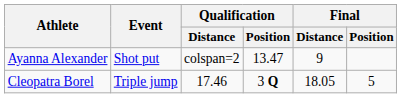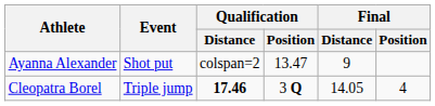 <table class=wikitable style="font-size:90%">
 <tr>
 <th rowspan=2>Athlete</th>
 <th rowspan=2>Event</th>
 <th colspan=2>Qualification</th>
 <th colspan=2>Final</th>
 </tr>
 <tr style="font-size:95%">
 <th>Distance</th>
 <th>Position</th>
 <th>Distance</th>
 <th>Position</th>
 </tr>
 <tr align=center>
 <td align=left><a href='#'>Ayanna Alexander</a></td>
 <td align=left><a href='#'>Shot put</a></td>
 <td>colspan=2 </td>
 <td>13.47</td>
 <td>9</td>
 </tr>
 <tr align=center>
 <td align=left><a href='#'>Cleopatra Borel</a></td>
 <td align=left><a href='#'>Triple jump</a></td>
-<td>17.46</td>
+<td><strong>17.46</strong></td>
 <td>3 <strong>Q</strong></td>
-<td>18.05</td>
-<td>5</td>
+<td>14.05</td>
+<td>4</td>
 </tr>
 </table>
